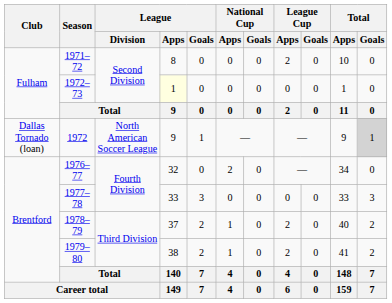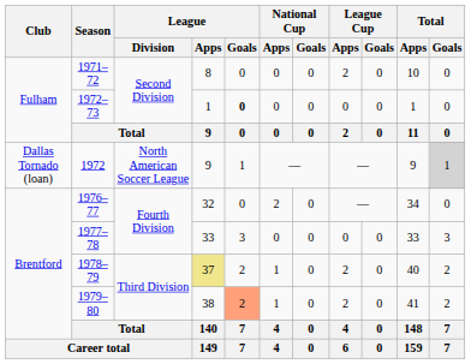 <table class="wikitable" style="text-align: center;">
 <tr>
 <th rowspan="2">Club</th>
 <th rowspan="2">Season</th>
 <th colspan="3">League</th>
 <th colspan="2">National Cup</th>
 <th colspan="2">League Cup</th>
 <th colspan="2">Total</th>
 </tr>
 <tr>
 <th>Division</th>
 <th>Apps</th>
 <th>Goals</th>
 <th>Apps</th>
 <th>Goals</th>
 <th>Apps</th>
 <th>Goals</th>
 <th>Apps</th>
 <th>Goals</th>
 </tr>
 <tr>
 <td rowspan="3"><a href='#'>Fulham</a></td>
 <td><a href='#'>1971–72</a></td>
 <td rowspan="2"><a href='#'>Second Division</a></td>
 <td>8</td>
 <td>0</td>
 <td>0</td>
 <td>0</td>
 <td>2</td>
 <td>0</td>
 <td>10</td>
 <td>0</td>
 </tr>
 <tr>
 <td><a href='#'>1972–73</a></td>
-<td style="background: lightyellow;">1</td>
-<td>0</td>
+<td>1</td>
+<td><strong>0</strong></td>
 <td>0</td>
 <td>0</td>
 <td>0</td>
 <td>0</td>
 <td>1</td>
 <td>0</td>
 </tr>
 <tr>
 <th colspan="2">Total</th>
 <th>9</th>
 <th>0</th>
 <th>0</th>
 <th>0</th>
 <th>2</th>
 <th>0</th>
 <th>11</th>
 <th>0</th>
 </tr>
 <tr>
 <td><a href='#'>Dallas Tornado</a> (loan)</td>
 <td><a href='#'>1972</a></td>
 <td><a href='#'>North American Soccer League</a></td>
 <td>9</td>
 <td>1</td>
 <td colspan="2">—</td>
 <td colspan="2">—</td>
 <td>9</td>
 <td style="background: lightgrey;">1</td>
 </tr>
 <tr>
 <td rowspan="5"><a href='#'>Brentford</a></td>
 <td><a href='#'>1976–77</a></td>
 <td rowspan="2"><a href='#'>Fourth Division</a></td>
 <td>32</td>
 <td>0</td>
 <td>2</td>
 <td>0</td>
 <td colspan="2">—</td>
 <td>34</td>
 <td>0</td>
 </tr>
 <tr>
 <td><a href='#'>1977–78</a></td>
 <td>33</td>
 <td>3</td>
 <td>0</td>
 <td>0</td>
 <td>0</td>
 <td>0</td>
 <td>33</td>
 <td>3</td>
 </tr>
 <tr>
 <td><a href='#'>1978–79</a></td>
 <td rowspan="2"><a href='#'>Third Division</a></td>
-<td>37</td>
+<td style="background: khaki;">37</td>
 <td>2</td>
 <td>1</td>
 <td>0</td>
 <td>2</td>
 <td>0</td>
 <td>40</td>
 <td>2</td>
 </tr>
 <tr>
 <td><a href='#'>1979–80</a></td>
 <td>38</td>
-<td>2</td>
+<td style="background: lightsalmon;">2</td>
 <td>1</td>
 <td>0</td>
 <td>2</td>
 <td>0</td>
 <td>41</td>
 <td>2</td>
 </tr>
 <tr>
 <th colspan="2">Total</th>
 <th>140</th>
 <th>7</th>
 <th>4</th>
 <th>0</th>
 <th>4</th>
 <th>0</th>
 <th>148</th>
 <th>7</th>
 </tr>
 <tr>
 <th colspan="3">Career total</th>
 <th>149</th>
 <th>7</th>
 <th>4</th>
 <th>0</th>
 <th>6</th>
 <th>0</th>
 <th>159</th>
 <th>7</th>
 </tr>
 </table>
